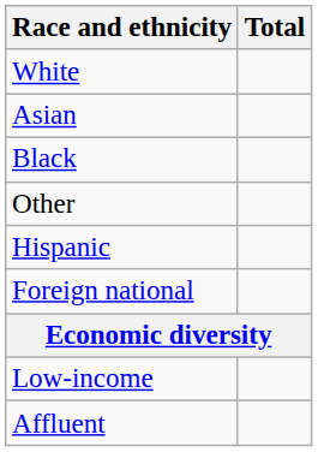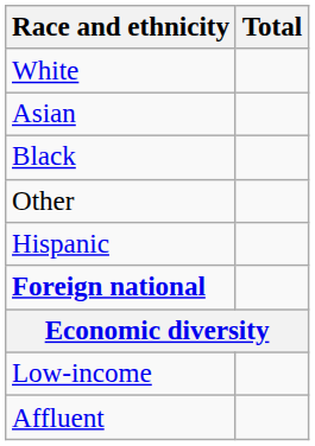 <table class="wikitable floatright sortable collapsible"; text-align:right; font-size:80%;">
 <tr>
 <th>Race and ethnicity</th>
 <th colspan="2" data-sort-type=number>Total</th>
 </tr>
 <tr>
 <td><a href='#'>White</a></td>
 <td align=right></td>
 </tr>
 <tr>
 <td><a href='#'>Asian</a></td>
 <td align=right></td>
 </tr>
 <tr>
 <td><a href='#'>Black</a></td>
 <td align=right></td>
 </tr>
 <tr>
 <td>Other</td>
 <td align=right></td>
 </tr>
 <tr>
 <td><a href='#'>Hispanic</a></td>
 <td align=right></td>
 </tr>
 <tr>
-<td><a href='#'>Foreign national</a></td>
+<td><strong><a href='#'>Foreign national</a></strong></td>
 <td align=right></td>
 </tr>
 <tr>
 <th colspan="4" data-sort-type=number><a href='#'>Economic diversity</a></th>
 </tr>
 <tr>
 <td><a href='#'>Low-income</a></td>
 <td align=right></td>
 </tr>
 <tr>
 <td><a href='#'>Affluent</a></td>
 <td align=right></td>
 </tr>
 </table>
